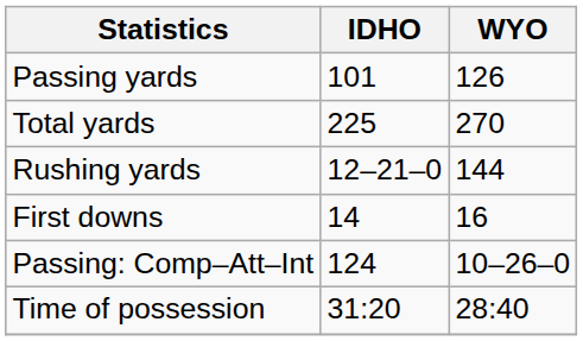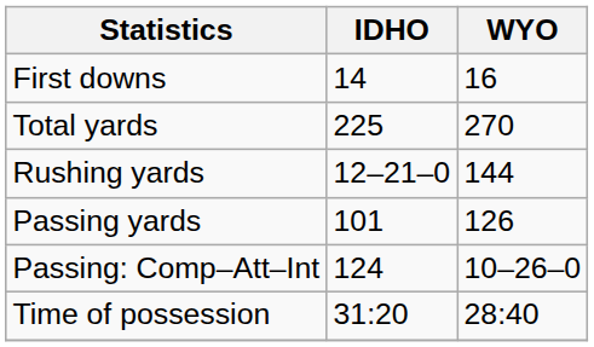 <table class="wikitable" style="float: left;">
 <tr>
 <th>Statistics</th>
 <th>IDHO</th>
 <th>WYO</th>
 </tr>
 <tr>
-<td>Passing yards</td>
-<td>101</td>
-<td>126</td>
+<td>First downs</td>
+<td>14</td>
+<td>16</td>
 </tr>
 <tr>
 <td>Total yards</td>
 <td>225</td>
 <td>270</td>
 </tr>
 <tr>
 <td>Rushing yards</td>
 <td>12–21–0</td>
 <td>144</td>
 </tr>
 <tr>
-<td>First downs</td>
-<td>14</td>
-<td>16</td>
+<td>Passing yards</td>
+<td>101</td>
+<td>126</td>
 </tr>
 <tr>
 <td>Passing: Comp–Att–Int</td>
 <td>124</td>
 <td>10–26–0</td>
 </tr>
 <tr>
 <td>Time of possession</td>
 <td>31:20</td>
 <td>28:40</td>
 </tr>
 <tr>
 </tr>
 </table>
